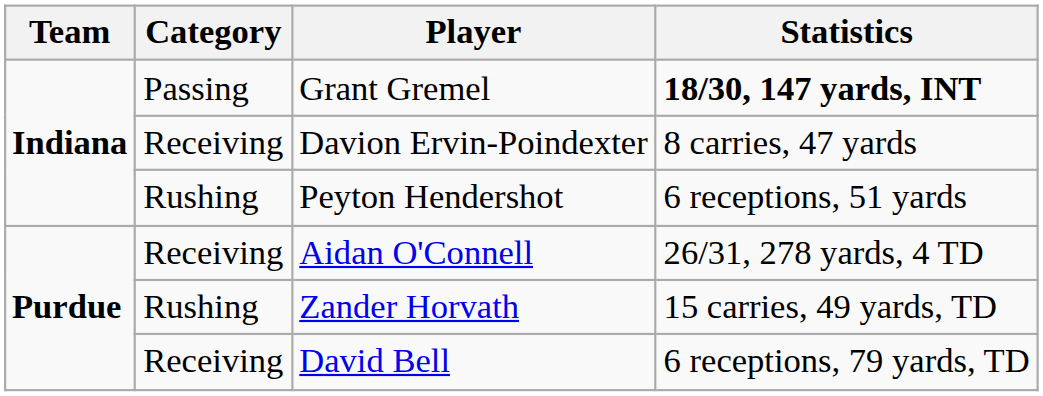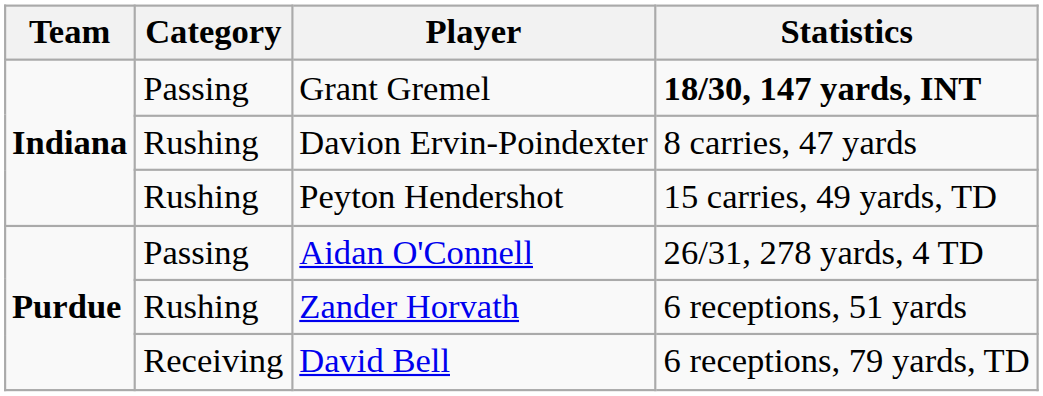 <table class="wikitable" style="float: right;">
 <tr>
 <th>Team</th>
 <th>Category</th>
 <th>Player</th>
 <th>Statistics</th>
 </tr>
 <tr>
 <td rowspan=3><strong>Indiana</strong></td>
 <td>Passing</td>
 <td>Grant Gremel</td>
 <td><strong>18/30, 147 yards, INT</strong></td>
 </tr>
 <tr>
-<td>Receiving</td>
+<td>Rushing</td>
 <td>Davion Ervin-Poindexter</td>
 <td>8 carries, 47 yards</td>
 </tr>
 <tr>
 <td>Rushing</td>
 <td>Peyton Hendershot</td>
-<td>6 receptions, 51 yards</td>
+<td>15 carries, 49 yards, TD</td>
 </tr>
 <tr>
 <td rowspan=3><strong>Purdue</strong></td>
-<td>Receiving</td>
+<td>Passing</td>
 <td><a href='#'>Aidan O'Connell</a></td>
 <td>26/31, 278 yards, 4 TD</td>
 </tr>
 <tr>
 <td>Rushing</td>
 <td><a href='#'>Zander Horvath</a></td>
-<td>15 carries, 49 yards, TD</td>
+<td>6 receptions, 51 yards</td>
 </tr>
 <tr>
 <td>Receiving</td>
 <td><a href='#'>David Bell</a></td>
 <td>6 receptions, 79 yards, TD</td>
 </tr>
 </table>
